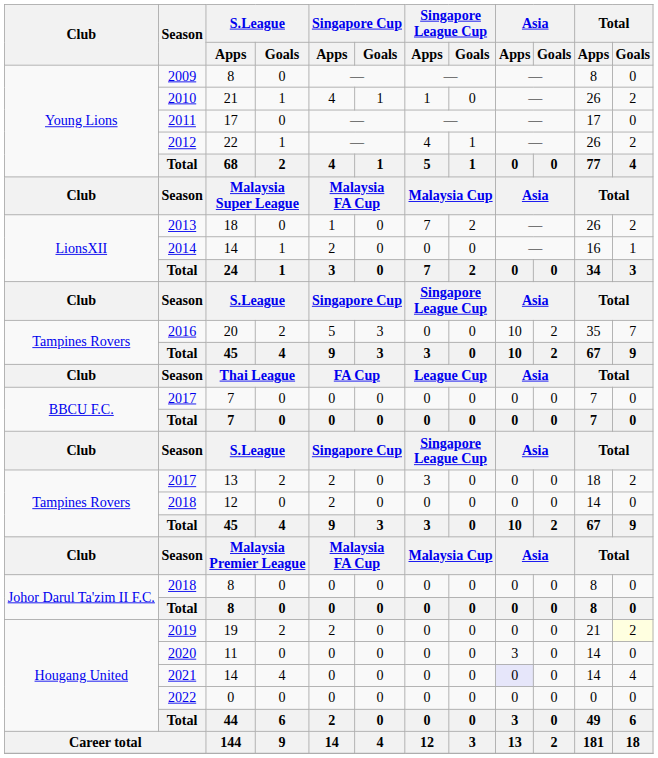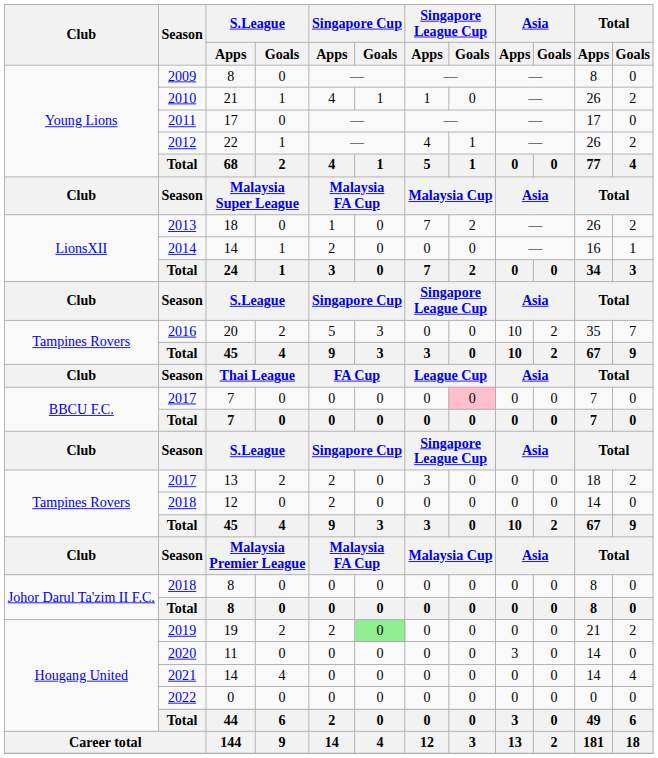 <table class="wikitable" style="text-align:center">
 <tr>
 <th rowspan="2">Club</th>
 <th rowspan="2">Season</th>
 <th colspan="2"><a href='#'>S.League</a></th>
 <th colspan="2"><a href='#'>Singapore Cup</a></th>
 <th colspan="2"><a href='#'>Singapore<br>League Cup</a></th>
 <th colspan="2"><a href='#'>Asia</a></th>
 <th colspan="2">Total</th>
 </tr>
 <tr>
 <th>Apps</th>
 <th>Goals</th>
 <th>Apps</th>
 <th>Goals</th>
 <th>Apps</th>
 <th>Goals</th>
 <th>Apps</th>
 <th>Goals</th>
 <th>Apps</th>
 <th>Goals</th>
 </tr>
 <tr>
 <td rowspan="5"><a href='#'>Young Lions</a></td>
 <td><a href='#'>2009</a></td>
 <td>8</td>
 <td>0</td>
 <td colspan="2">—</td>
 <td colspan="2">—</td>
 <td colspan="2">—</td>
 <td>8</td>
 <td>0</td>
 </tr>
 <tr>
 <td><a href='#'>2010</a></td>
 <td>21</td>
 <td>1</td>
 <td>4</td>
 <td>1</td>
 <td>1</td>
 <td>0</td>
 <td colspan="2">—</td>
 <td>26</td>
 <td>2</td>
 </tr>
 <tr>
 <td><a href='#'>2011</a></td>
 <td>17</td>
 <td>0</td>
 <td colspan='2'>—</td>
 <td colspan='2'>—</td>
 <td colspan='2'>—</td>
 <td>17</td>
 <td>0</td>
 </tr>
 <tr>
 <td><a href='#'>2012</a></td>
 <td>22</td>
 <td>1</td>
 <td colspan='2'>—</td>
 <td>4</td>
 <td>1</td>
 <td colspan='2'>—</td>
 <td>26</td>
 <td>2</td>
 </tr>
 <tr>
 <th>Total</th>
 <th>68</th>
 <th>2</th>
 <th>4</th>
 <th>1</th>
 <th>5</th>
 <th>1</th>
 <th>0</th>
 <th>0</th>
 <th>77</th>
 <th>4</th>
 </tr>
 <tr>
 <th>Club</th>
 <th>Season</th>
 <th colspan="2"><a href='#'>Malaysia<br>Super League</a></th>
 <th colspan="2"><a href='#'>Malaysia<br>FA Cup</a></th>
 <th colspan="2"><a href='#'>Malaysia Cup</a></th>
 <th colspan="2"><a href='#'>Asia</a></th>
 <th colspan="2">Total</th>
 </tr>
 <tr>
 <td rowspan="3"><a href='#'>LionsXII</a></td>
 <td><a href='#'>2013</a></td>
 <td>18</td>
 <td>0</td>
 <td>1</td>
 <td>0</td>
 <td>7</td>
 <td>2</td>
 <td colspan='2'>—</td>
 <td>26</td>
 <td>2</td>
 </tr>
 <tr>
 <td><a href='#'>2014</a></td>
 <td>14</td>
 <td>1</td>
 <td>2</td>
 <td>0</td>
 <td>0</td>
 <td>0</td>
 <td colspan='2'>—</td>
 <td>16</td>
 <td>1</td>
 </tr>
 <tr>
 <th>Total</th>
 <th>24</th>
 <th>1</th>
 <th>3</th>
 <th>0</th>
 <th>7</th>
 <th>2</th>
 <th>0</th>
 <th>0</th>
 <th>34</th>
 <th>3</th>
 </tr>
 <tr>
 <th>Club</th>
 <th>Season</th>
 <th colspan="2"><a href='#'>S.League</a></th>
 <th colspan="2"><a href='#'>Singapore Cup</a></th>
 <th colspan="2"><a href='#'>Singapore<br>League Cup</a></th>
 <th colspan="2"><a href='#'>Asia</a></th>
 <th colspan="2">Total</th>
 </tr>
 <tr>
 <td rowspan="2"><a href='#'>Tampines Rovers</a></td>
 <td><a href='#'>2016</a></td>
 <td>20</td>
 <td>2</td>
 <td>5</td>
 <td>3</td>
 <td>0</td>
 <td>0</td>
 <td>10</td>
 <td>2</td>
 <td>35</td>
 <td>7</td>
 </tr>
 <tr>
 <th>Total</th>
 <th>45</th>
 <th>4</th>
 <th>9</th>
 <th>3</th>
 <th>3</th>
 <th>0</th>
 <th>10</th>
 <th>2</th>
 <th>67</th>
 <th>9</th>
 </tr>
 <tr>
 <th>Club</th>
 <th>Season</th>
 <th colspan="2"><a href='#'>Thai League</a></th>
 <th colspan="2"><a href='#'>FA Cup</a></th>
 <th colspan="2"><a href='#'>League Cup</a></th>
 <th colspan="2"><a href='#'>Asia</a></th>
 <th colspan="2">Total</th>
 </tr>
 <tr>
 <td rowspan="2"><a href='#'>BBCU F.C.</a></td>
 <td><a href='#'>2017</a></td>
 <td>7</td>
 <td>0</td>
 <td>0</td>
 <td>0</td>
 <td>0</td>
-<td>0</td>
+<td style="background: pink;">0</td>
 <td>0</td>
 <td>0</td>
 <td>7</td>
 <td>0</td>
 </tr>
 <tr>
 <th>Total</th>
 <th>7</th>
 <th>0</th>
 <th>0</th>
 <th>0</th>
 <th>0</th>
 <th>0</th>
 <th>0</th>
 <th>0</th>
 <th>7</th>
 <th>0</th>
 </tr>
 <tr>
 <th>Club</th>
 <th>Season</th>
 <th colspan="2"><a href='#'>S.League</a></th>
 <th colspan="2"><a href='#'>Singapore Cup</a></th>
 <th colspan="2"><a href='#'>Singapore<br>League Cup</a></th>
 <th colspan="2"><a href='#'>Asia</a></th>
 <th colspan="2">Total</th>
 </tr>
 <tr>
 <td rowspan="3"><a href='#'>Tampines Rovers</a></td>
 <td><a href='#'>2017</a></td>
 <td>13</td>
 <td>2</td>
 <td>2</td>
 <td>0</td>
 <td>3</td>
 <td>0</td>
 <td>0</td>
 <td>0</td>
 <td>18</td>
 <td>2</td>
 </tr>
 <tr>
 <td><a href='#'>2018</a></td>
 <td>12</td>
 <td>0</td>
 <td>2</td>
 <td>0</td>
 <td>0</td>
 <td>0</td>
 <td>0</td>
 <td>0</td>
 <td>14</td>
 <td>0</td>
 </tr>
 <tr>
 <th>Total</th>
 <th>45</th>
 <th>4</th>
 <th>9</th>
 <th>3</th>
 <th>3</th>
 <th>0</th>
 <th>10</th>
 <th>2</th>
 <th>67</th>
 <th>9</th>
 </tr>
 <tr>
 <th>Club</th>
 <th>Season</th>
 <th colspan="2"><a href='#'>Malaysia<br>Premier League</a></th>
 <th colspan="2"><a href='#'>Malaysia<br>FA Cup</a></th>
 <th colspan="2"><a href='#'>Malaysia Cup</a></th>
 <th colspan="2"><a href='#'>Asia</a></th>
 <th colspan="2">Total</th>
 </tr>
 <tr>
 <td rowspan="2"><a href='#'>Johor Darul Ta'zim II F.C.</a></td>
 <td><a href='#'>2018</a></td>
 <td>8</td>
 <td>0</td>
 <td>0</td>
 <td>0</td>
 <td>0</td>
 <td>0</td>
 <td>0</td>
 <td>0</td>
 <td>8</td>
 <td>0</td>
 </tr>
 <tr>
 <th>Total</th>
 <th>8</th>
 <th>0</th>
 <th>0</th>
 <th>0</th>
 <th>0</th>
 <th>0</th>
 <th>0</th>
 <th>0</th>
 <th>8</th>
 <th>0</th>
 </tr>
 <tr>
 <td rowspan="5"><a href='#'>Hougang United</a></td>
 <td><a href='#'>2019</a></td>
 <td>19</td>
 <td>2</td>
 <td>2</td>
-<td>0</td>
+<td style="background: lightgreen;">0</td>
 <td>0</td>
 <td>0</td>
 <td>0</td>
 <td>0</td>
 <td>21</td>
-<td style="background: lightyellow;">2</td>
+<td>2</td>
 </tr>
 <tr>
 <td><a href='#'>2020</a></td>
 <td>11</td>
 <td>0</td>
 <td>0</td>
 <td>0</td>
 <td>0</td>
 <td>0</td>
 <td>3</td>
 <td>0</td>
 <td>14</td>
 <td>0</td>
 </tr>
 <tr>
 <td><a href='#'>2021</a></td>
 <td>14</td>
 <td>4</td>
 <td>0</td>
 <td>0</td>
 <td>0</td>
 <td>0</td>
-<td style="background: lavender;">0</td>
+<td>0</td>
 <td>0</td>
 <td>14</td>
 <td>4</td>
 </tr>
 <tr>
 <td><a href='#'>2022</a></td>
 <td>0</td>
 <td>0</td>
 <td>0</td>
 <td>0</td>
 <td>0</td>
 <td>0</td>
 <td>0</td>
 <td>0</td>
 <td>0</td>
 <td>0</td>
 </tr>
 <tr>
 <th>Total</th>
 <th>44</th>
 <th>6</th>
 <th>2</th>
 <th>0</th>
 <th>0</th>
 <th>0</th>
 <th>3</th>
 <th>0</th>
 <th>49</th>
 <th>6</th>
 </tr>
 <tr>
 <th colspan="2">Career total</th>
 <th>144</th>
 <th>9</th>
 <th>14</th>
 <th>4</th>
 <th>12</th>
 <th>3</th>
 <th>13</th>
 <th>2</th>
 <th>181</th>
 <th>18</th>
 </tr>
 <tr>
 </tr>
 </table>
